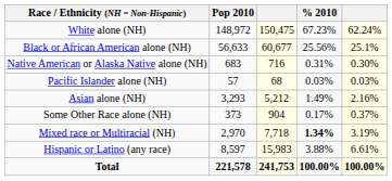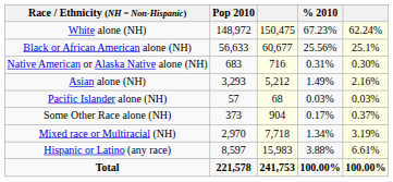 <table class="wikitable" style="text-align:center;">
 <tr>
 <th>Race / Ethnicity <small>(<em>NH = Non-Hispanic</em>)</small></th>
 <th>Pop 2010</th>
 <th></th>
 <th>% 2010</th>
 <th></th>
 </tr>
 <tr>
 <td><a href='#'>White</a> alone (NH)</td>
 <td>148,972</td>
 <td style='background: #ffffe6;'>150,475</td>
 <td>67.23%</td>
 <td style='background: #ffffe6;'>62.24%</td>
 </tr>
 <tr>
 <td><a href='#'>Black or African American</a> alone (NH)</td>
 <td>56,633</td>
 <td style='background: #ffffe6;'>60,677</td>
 <td>25.56%</td>
 <td style='background: #ffffe6;'>25.1%</td>
 </tr>
 <tr>
 <td><a href='#'>Native American</a> or <a href='#'>Alaska Native</a> alone (NH)</td>
 <td>683</td>
 <td style='background: #ffffe6;'>716</td>
 <td>0.31%</td>
 <td style='background: #ffffe6;'>0.30%</td>
 </tr>
 <tr>
+<td><a href='#'>Asian</a> alone (NH)</td>
+<td>3,293</td>
+<td style='background: #ffffe6;'>5,212</td>
+<td>1.49%</td>
+<td style='background: #ffffe6;'>2.16%</td>
+</tr>
+<tr>
 <td><a href='#'>Pacific Islander</a> alone (NH)</td>
 <td>57</td>
 <td style='background: #ffffe6;'>68</td>
 <td>0.03%</td>
 <td style='background: #ffffe6;'>0.03%</td>
-</tr>
-<tr>
-<td><a href='#'>Asian</a> alone (NH)</td>
-<td>3,293</td>
-<td style='background: #ffffe6;'>5,212</td>
-<td>1.49%</td>
-<td style='background: #ffffe6;'>2.16%</td>
 </tr>
 <tr>
 <td>Some Other Race alone (NH)</td>
 <td>373</td>
 <td style='background: #ffffe6;'>904</td>
 <td>0.17%</td>
 <td style='background: #ffffe6;'>0.37%</td>
 </tr>
 <tr>
 <td><a href='#'>Mixed race or Multiracial</a> (NH)</td>
 <td>2,970</td>
 <td style='background: #ffffe6;'>7,718</td>
-<td><strong>1.34%</strong></td>
+<td>1.34%</td>
 <td style='background: #ffffe6;'>3.19%</td>
 </tr>
 <tr>
 <td><a href='#'>Hispanic or Latino</a> (any race)</td>
 <td>8,597</td>
 <td style='background: #ffffe6;'>15,983</td>
 <td>3.88%</td>
 <td style='background: #ffffe6;'>6.61%</td>
 </tr>
 <tr>
 <td><strong>Total</strong></td>
 <td><strong>221,578</strong></td>
 <td style='background: #ffffe6;'><strong>241,753</strong></td>
 <td><strong>100.00%</strong></td>
 <td style='background: #ffffe6;'><strong>100.00%</strong></td>
 </tr>
 </table>
